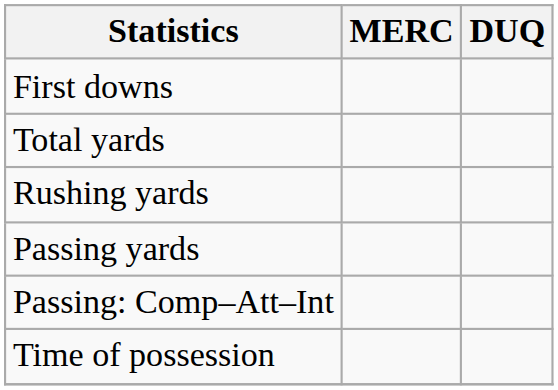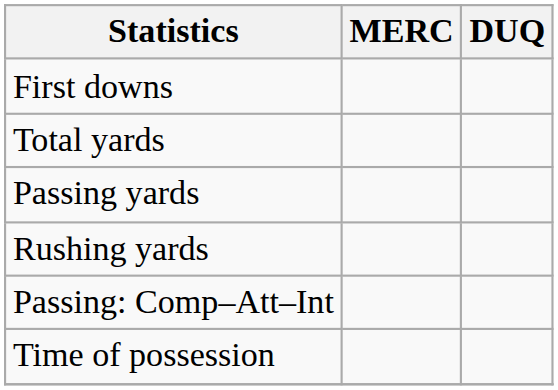 <table class="wikitable" style="float: left;">
 <tr>
 <th>Statistics</th>
 <th>MERC</th>
 <th>DUQ</th>
 </tr>
 <tr>
 <td>First downs</td>
 <td></td>
 <td></td>
 </tr>
 <tr>
 <td>Total yards</td>
 <td></td>
 <td></td>
 </tr>
 <tr>
-<td>Rushing yards</td>
+<td>Passing yards</td>
 <td></td>
 <td></td>
 </tr>
 <tr>
-<td>Passing yards</td>
+<td>Rushing yards</td>
 <td></td>
 <td></td>
 </tr>
 <tr>
 <td>Passing: Comp–Att–Int</td>
 <td></td>
 <td></td>
 </tr>
 <tr>
 <td>Time of possession</td>
 <td></td>
 <td></td>
 </tr>
 <tr>
 </tr>
 </table>
